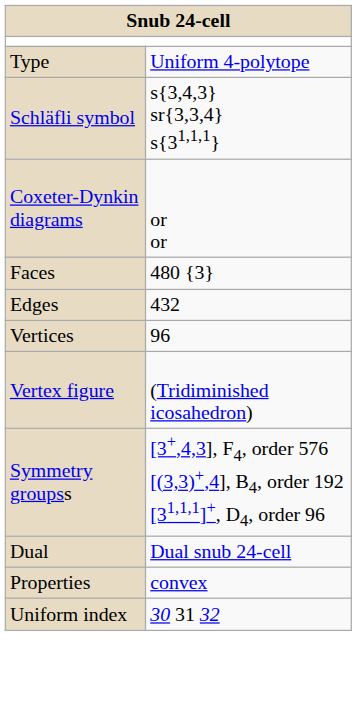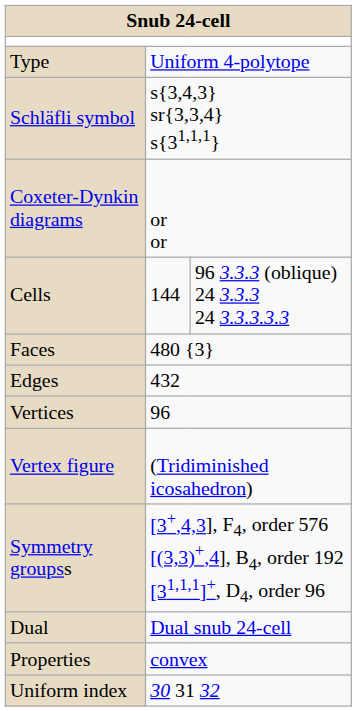 <table class="wikitable" align="right" style="margin-left:10px" width="280">
 <tr>
 <td bgcolor=#e7dcc3 align=center colspan=3><strong>Snub 24-cell</strong></td>
 </tr>
 <tr>
 <td bgcolor=#ffffff align=center colspan=3></td>
 </tr>
 <tr>
 <td bgcolor=#e7dcc3>Type</td>
 <td colspan=2><a href='#'>Uniform 4-polytope</a></td>
 </tr>
 <tr>
 <td bgcolor=#e7dcc3><a href='#'>Schläfli symbol</a></td>
 <td colspan=2>s{3,4,3}<br>sr{3,3,4}<br>s{3<sup>1,1,1</sup>}</td>
 </tr>
 <tr>
 <td bgcolor=#e7dcc3><a href='#'>Coxeter-Dynkin<br>diagrams</a></td>
 <td colspan=2><br><br>  or <br>  or </td>
+</tr>
+<tr>
+<td bgcolor=#e7dcc3>Cells</td>
+<td>144</td>
+<td>96 <a href='#'><em>3.3.3</em></a> (oblique) <br>24 <a href='#'><em>3.3.3</em></a> <br>24 <a href='#'><em>3.3.3.3.3</em></a> </td>
 </tr>
 <tr>
 <td bgcolor=#e7dcc3>Faces</td>
 <td colspan=2>480 {3}</td>
 </tr>
 <tr>
 <td bgcolor=#e7dcc3>Edges</td>
 <td colspan=2>432</td>
 </tr>
 <tr>
 <td bgcolor=#e7dcc3>Vertices</td>
 <td colspan=2>96</td>
 </tr>
 <tr>
 <td bgcolor=#e7dcc3><a href='#'>Vertex figure</a></td>
 <td colspan=2><br>(<a href='#'>Tridiminished icosahedron</a>)</td>
 </tr>
 <tr>
 <td bgcolor=#e7dcc3><a href='#'>Symmetry groups</a>s</td>
 <td colspan=2><a href='#'>[3<sup>+</sup>,4,3</a>], F<sub>4</sub>, order 576<br><a href='#'>[(3,3)<sup>+</sup>,4</a>], B<sub>4</sub>, order 192<br> <a href='#'>[3<sup>1,1,1</sup>]<sup>+</sup></a>, D<sub>4</sub>, order 96</td>
 </tr>
 <tr>
 <td bgcolor=#e7dcc3>Dual</td>
 <td colspan=2><a href='#'>Dual snub 24-cell</a></td>
 </tr>
 <tr>
 <td bgcolor=#e7dcc3>Properties</td>
 <td colspan=2><a href='#'>convex</a></td>
 </tr>
 <tr>
 <td bgcolor=#e7dcc3>Uniform index</td>
 <td colspan=2><em><a href='#'>30</a></em> 31 <em><a href='#'>32</a></em></td>
 </tr>
 </table>
